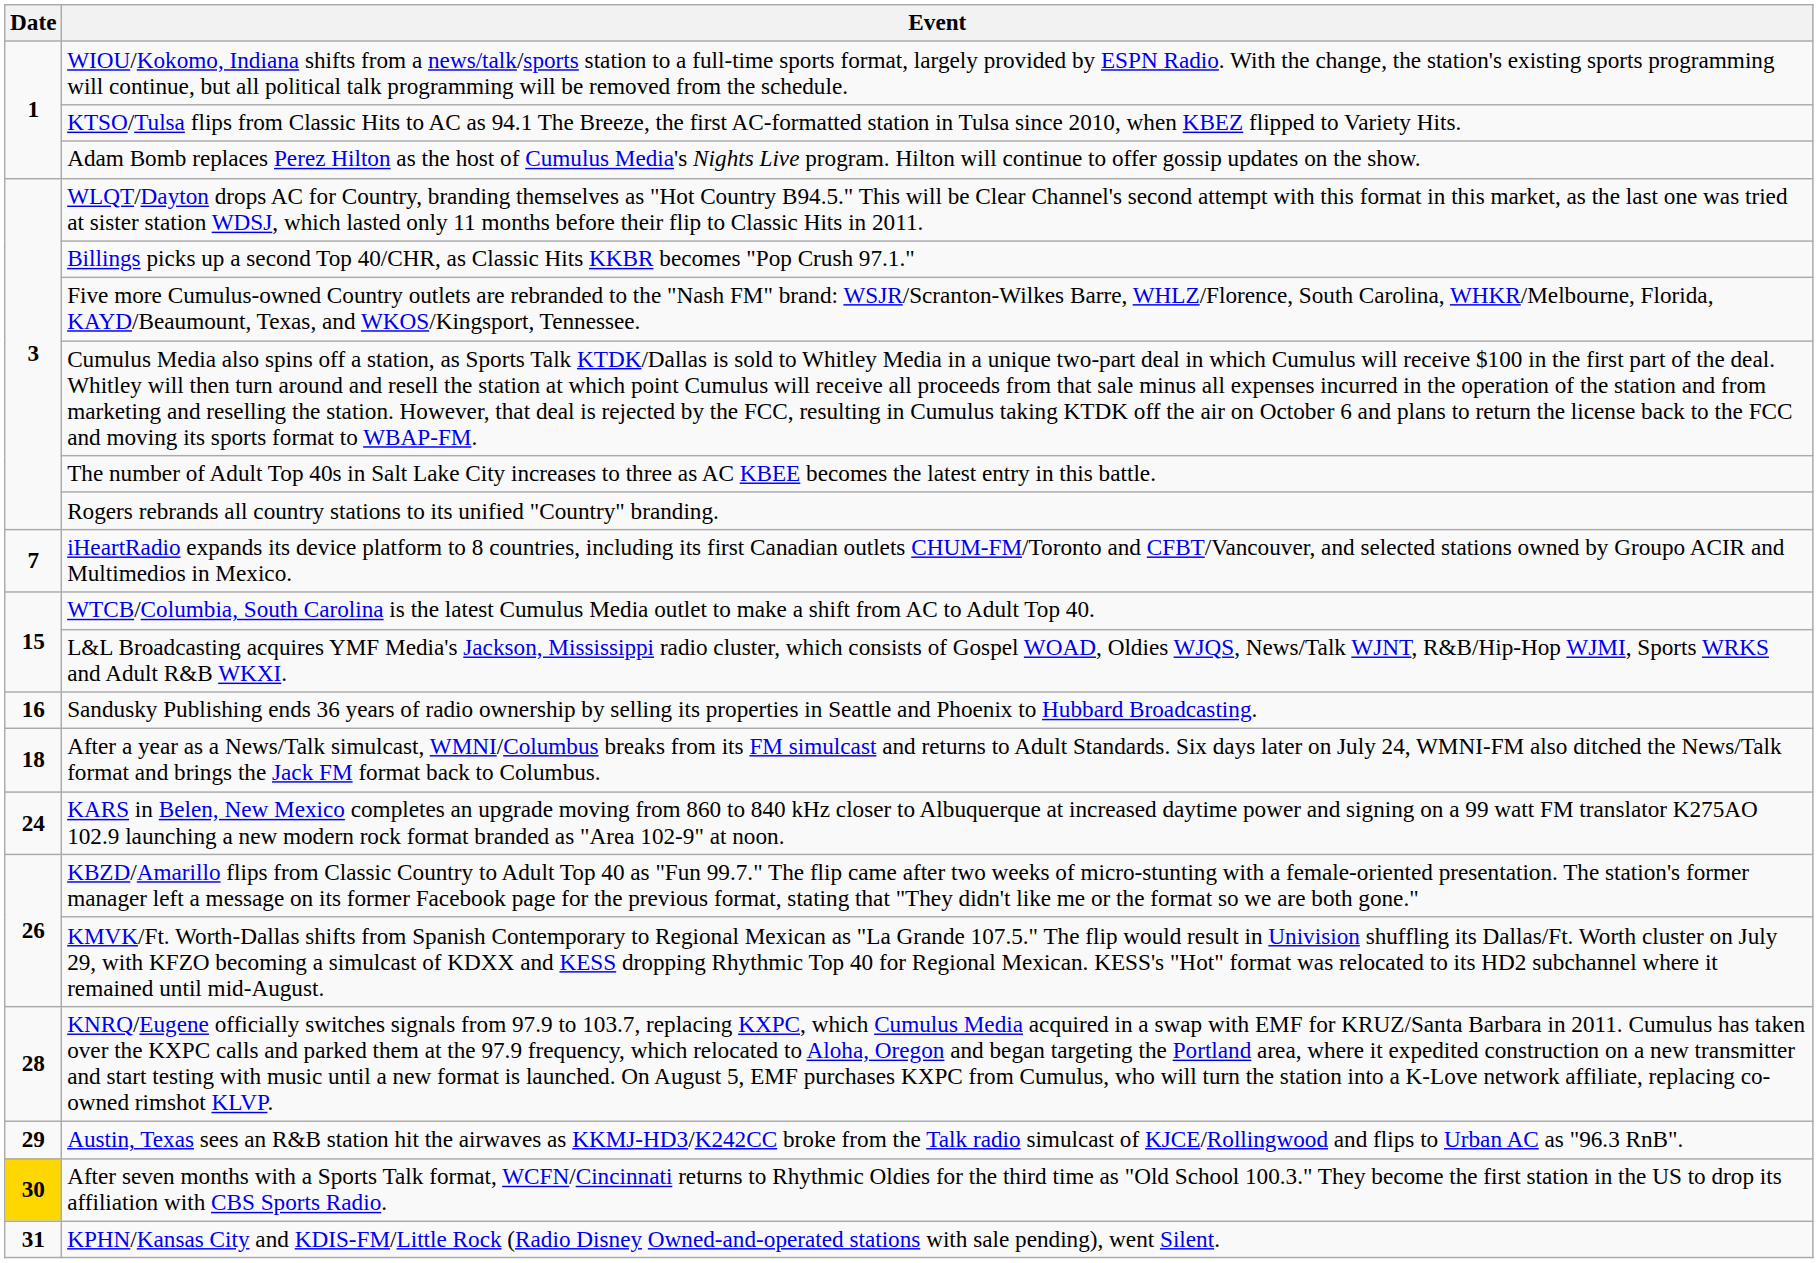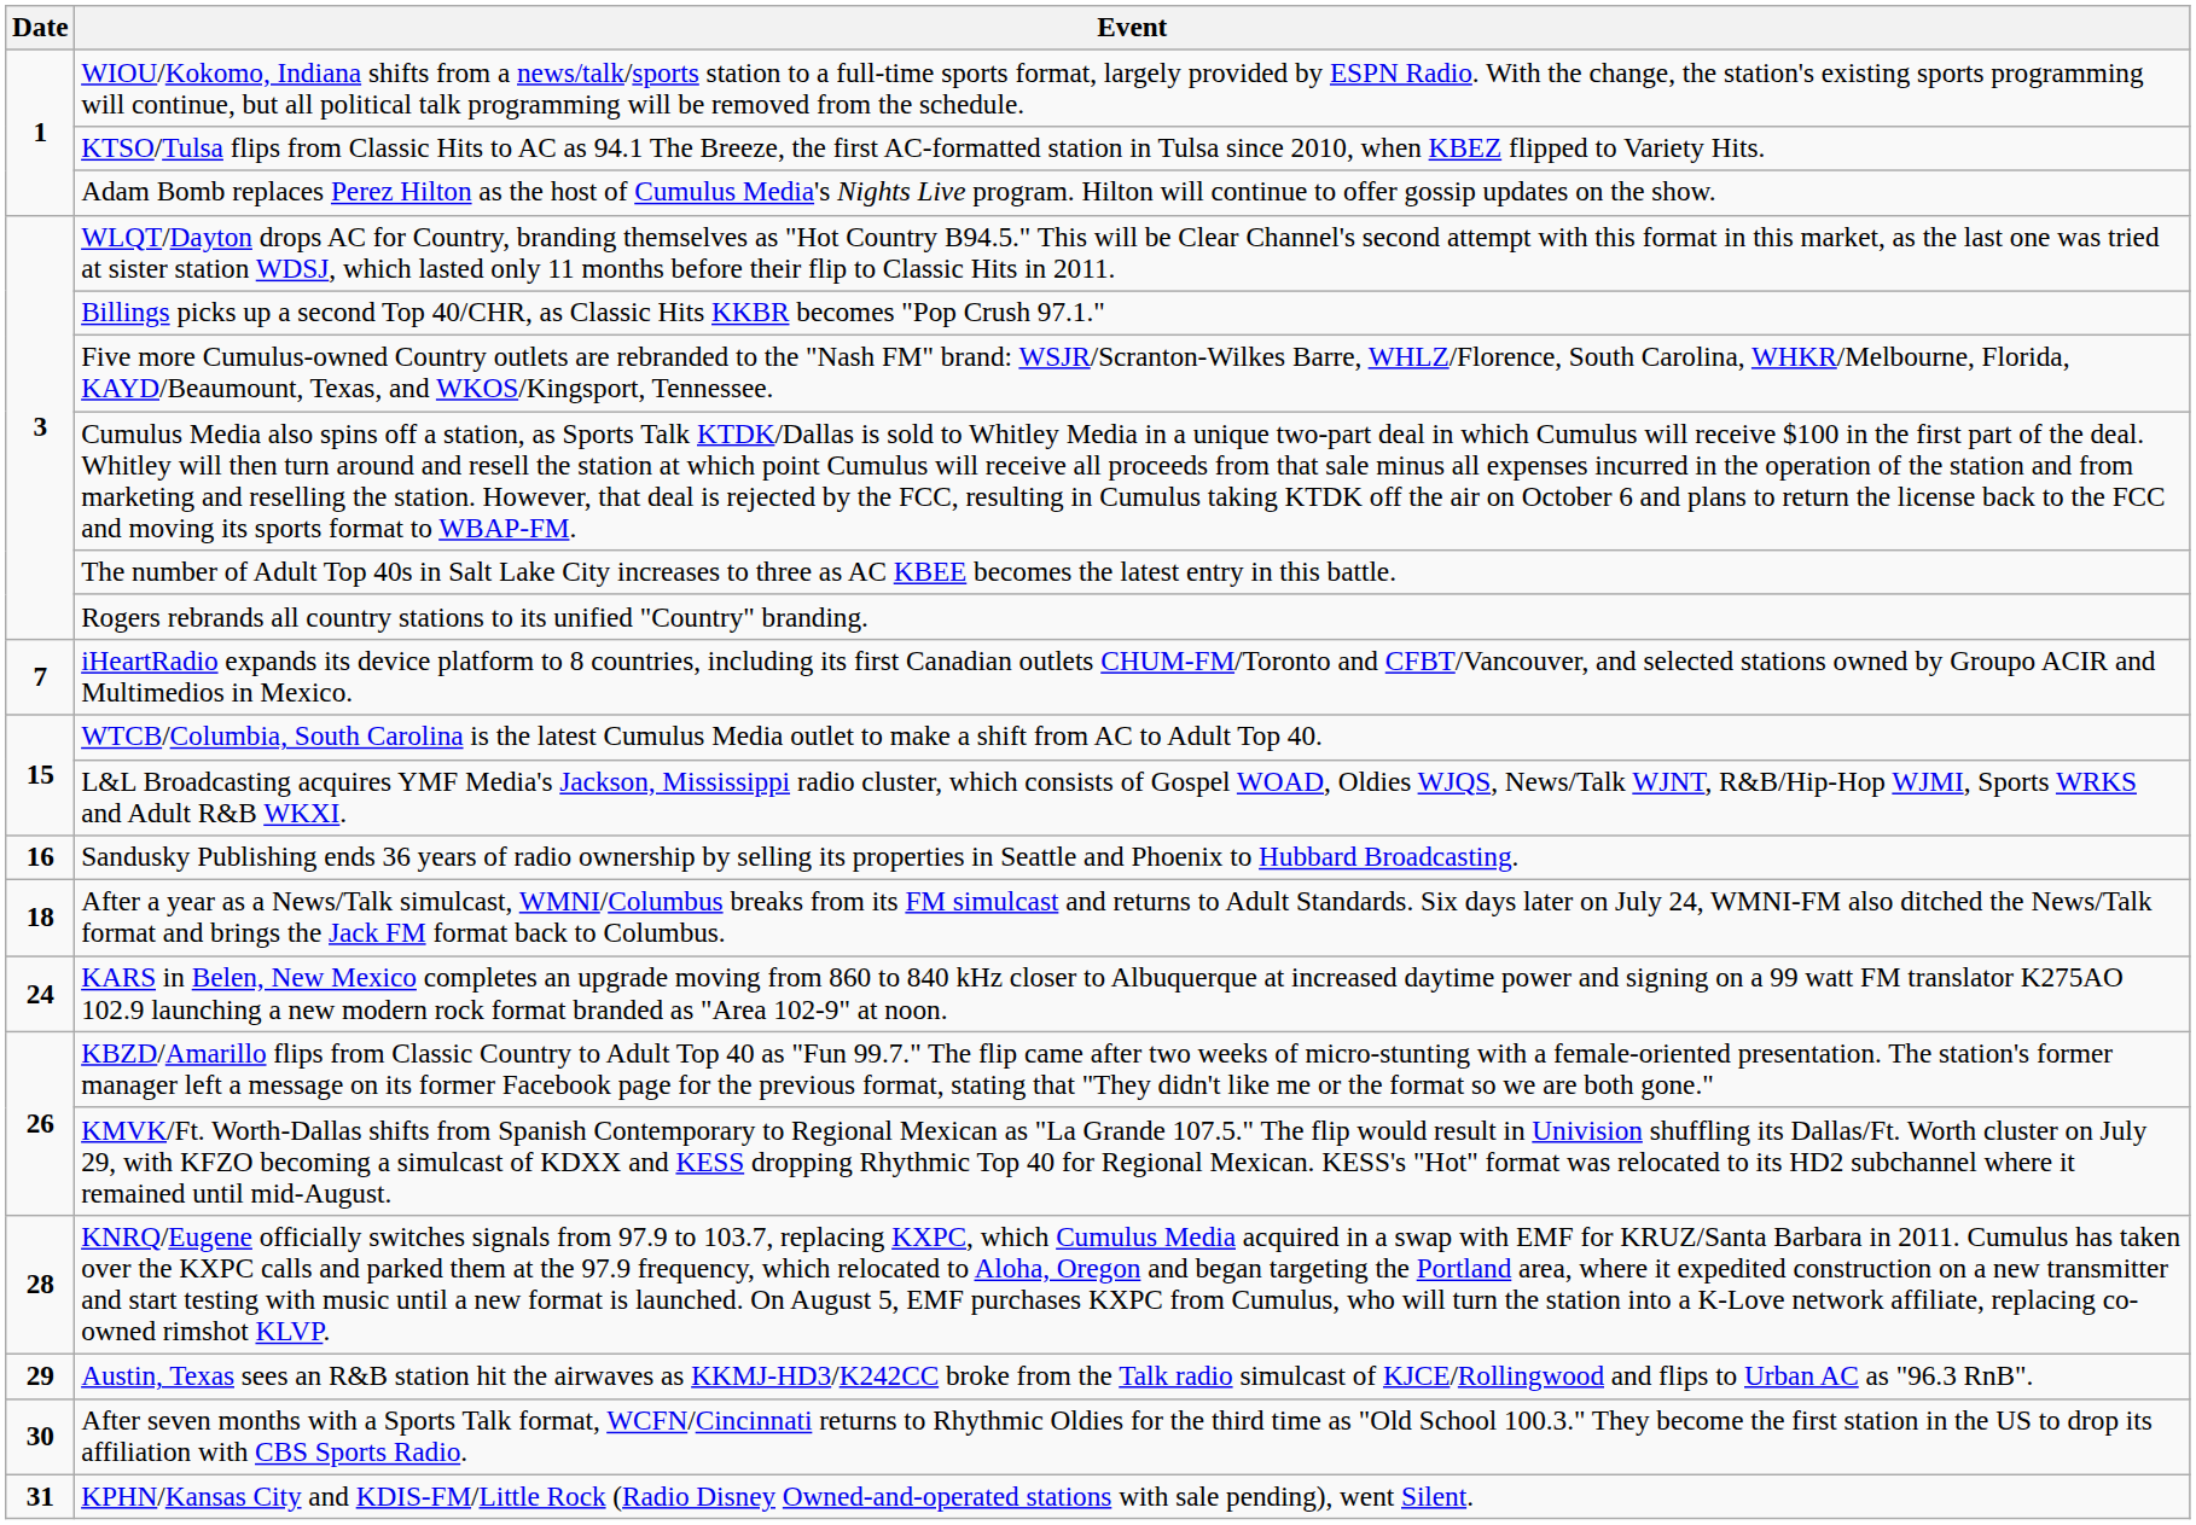 <table class="wikitable">
 <tr>
 <th>Date</th>
 <th>Event</th>
 </tr>
 <tr>
 <td style="text-align:center;" rowspan=3><strong>1</strong></td>
 <td><a href='#'>WIOU</a>/<a href='#'>Kokomo, Indiana</a> shifts from a <a href='#'>news/talk</a>/<a href='#'>sports</a> station to a full-time sports format, largely provided by <a href='#'>ESPN Radio</a>. With the change, the station's existing sports programming will continue, but all political talk programming will be removed from the schedule.</td>
 </tr>
 <tr>
 <td><a href='#'>KTSO</a>/<a href='#'>Tulsa</a> flips from Classic Hits to AC as 94.1 The Breeze, the first AC-formatted station in Tulsa since 2010, when <a href='#'>KBEZ</a> flipped to Variety Hits.</td>
 </tr>
 <tr>
 <td>Adam Bomb replaces <a href='#'>Perez Hilton</a> as the host of <a href='#'>Cumulus Media</a>'s <em>Nights Live</em> program. Hilton will continue to offer gossip updates on the show.</td>
 </tr>
 <tr>
 <td style="text-align:center;" rowspan=6><strong>3</strong></td>
 <td><a href='#'>WLQT</a>/<a href='#'>Dayton</a> drops AC for Country, branding themselves as "Hot Country B94.5." This will be Clear Channel's second attempt with this format in this market, as the last one was tried at sister station <a href='#'>WDSJ</a>, which lasted only 11 months before their flip to Classic Hits in 2011.</td>
 </tr>
 <tr>
 <td><a href='#'>Billings</a> picks up a second Top 40/CHR, as Classic Hits <a href='#'>KKBR</a> becomes "Pop Crush 97.1."</td>
 </tr>
 <tr>
 <td>Five more Cumulus-owned Country outlets are rebranded to the "Nash FM" brand: <a href='#'>WSJR</a>/Scranton-Wilkes Barre, <a href='#'>WHLZ</a>/Florence, South Carolina, <a href='#'>WHKR</a>/Melbourne, Florida, <a href='#'>KAYD</a>/Beaumount, Texas, and <a href='#'>WKOS</a>/Kingsport, Tennessee.</td>
 </tr>
 <tr>
 <td>Cumulus Media also spins off a station, as Sports Talk <a href='#'>KTDK</a>/Dallas is sold to Whitley Media in a unique two-part deal in which Cumulus will receive $100 in the first part of the deal. Whitley will then turn around and resell the station at which point Cumulus will receive all proceeds from that sale minus all expenses incurred in the operation of the station and from marketing and reselling the station. However, that deal is rejected by the FCC, resulting in Cumulus taking KTDK off the air on October 6 and plans to return the license back to the FCC and moving its sports format to <a href='#'>WBAP-FM</a>.</td>
 </tr>
 <tr>
 <td>The number of Adult Top 40s in Salt Lake City increases to three as AC <a href='#'>KBEE</a> becomes the latest entry in this battle.</td>
 </tr>
 <tr>
 <td>Rogers rebrands all country stations to its unified "Country" branding.</td>
 </tr>
 <tr>
 <td style="text-align:center;"><strong>7</strong></td>
 <td><a href='#'>iHeartRadio</a> expands its device platform to 8 countries, including its first Canadian outlets <a href='#'>CHUM-FM</a>/Toronto and <a href='#'>CFBT</a>/Vancouver, and selected stations owned by Groupo ACIR and Multimedios in Mexico.</td>
 </tr>
 <tr>
 <td style="text-align:center;" rowspan=2><strong>15</strong></td>
 <td><a href='#'>WTCB</a>/<a href='#'>Columbia, South Carolina</a> is the latest Cumulus Media outlet to make a shift from AC to Adult Top 40.</td>
 </tr>
 <tr>
 <td>L&L Broadcasting acquires YMF Media's <a href='#'>Jackson, Mississippi</a> radio cluster, which consists of Gospel <a href='#'>WOAD</a>, Oldies <a href='#'>WJQS</a>, News/Talk <a href='#'>WJNT</a>, R&B/Hip-Hop <a href='#'>WJMI</a>, Sports <a href='#'>WRKS</a> and Adult R&B <a href='#'>WKXI</a>.</td>
 </tr>
 <tr>
 <td style="text-align:center;"><strong>16</strong></td>
 <td>Sandusky Publishing ends 36 years of radio ownership by selling its properties in Seattle and Phoenix to <a href='#'>Hubbard Broadcasting</a>.</td>
 </tr>
 <tr>
 <td style="text-align:center;"><strong>18</strong></td>
 <td>After a year as a News/Talk simulcast, <a href='#'>WMNI</a>/<a href='#'>Columbus</a> breaks from its <a href='#'>FM simulcast</a> and returns to Adult Standards. Six days later on July 24, WMNI-FM also ditched the News/Talk format and brings the <a href='#'>Jack FM</a> format back to Columbus.</td>
 </tr>
 <tr>
 <td style="text-align:center;"><strong>24</strong></td>
 <td><a href='#'>KARS</a> in <a href='#'>Belen, New Mexico</a> completes an upgrade moving from 860 to 840 kHz closer to Albuquerque at increased daytime power and signing on a 99 watt FM translator K275AO 102.9 launching a new modern rock format branded as "Area 102-9" at noon.</td>
 </tr>
 <tr>
 <td style="text-align:center;" rowspan=2><strong>26</strong></td>
 <td><a href='#'>KBZD</a>/<a href='#'>Amarillo</a> flips from Classic Country to Adult Top 40 as "Fun 99.7." The flip came after two weeks of micro-stunting with a female-oriented presentation. The station's former manager left a message on its former Facebook page for the previous format, stating that "They didn't like me or the format so we are both gone."</td>
 </tr>
 <tr>
 <td><a href='#'>KMVK</a>/Ft. Worth-Dallas shifts from Spanish Contemporary to Regional Mexican as "La Grande 107.5." The flip would result in <a href='#'>Univision</a> shuffling its Dallas/Ft. Worth cluster on July 29, with KFZO becoming a simulcast of KDXX and <a href='#'>KESS</a> dropping Rhythmic Top 40 for Regional Mexican. KESS's "Hot" format was relocated to its HD2 subchannel where it remained until mid-August.</td>
 </tr>
 <tr>
 <td style="text-align:center;"><strong>28</strong></td>
 <td><a href='#'>KNRQ</a>/<a href='#'>Eugene</a> officially switches signals from 97.9 to 103.7, replacing <a href='#'>KXPC</a>, which <a href='#'>Cumulus Media</a> acquired in a swap with EMF for KRUZ/Santa Barbara in 2011. Cumulus has taken over the KXPC calls and parked them at the 97.9 frequency, which relocated to <a href='#'>Aloha, Oregon</a> and began targeting the <a href='#'>Portland</a> area, where it expedited construction on a new transmitter and start testing with music until a new format is launched. On August 5, EMF purchases KXPC from Cumulus, who will turn the station into a K-Love network affiliate, replacing co-owned rimshot <a href='#'>KLVP</a>.</td>
 </tr>
 <tr>
 <td style="text-align:center;"><strong>29</strong></td>
 <td><a href='#'>Austin, Texas</a> sees an R&B station hit the airwaves as <a href='#'>KKMJ-HD3</a>/<a href='#'>K242CC</a> broke from the <a href='#'>Talk radio</a> simulcast of <a href='#'>KJCE</a>/<a href='#'>Rollingwood</a> and flips to <a href='#'>Urban AC</a> as "96.3 RnB".</td>
 </tr>
 <tr>
-<td style="background: gold; text-align:center;"><strong>30</strong></td>
+<td style="text-align:center;"><strong>30</strong></td>
 <td>After seven months with a Sports Talk format, <a href='#'>WCFN</a>/<a href='#'>Cincinnati</a> returns to Rhythmic Oldies for the third time as "Old School 100.3." They become the first station in the US to drop its affiliation with <a href='#'>CBS Sports Radio</a>.</td>
 </tr>
 <tr>
 <td style="text-align:center;"><strong>31</strong></td>
 <td><a href='#'>KPHN</a>/<a href='#'>Kansas City</a> and <a href='#'>KDIS-FM</a>/<a href='#'>Little Rock</a> (<a href='#'>Radio Disney</a> <a href='#'>Owned-and-operated stations</a> with sale pending), went <a href='#'>Silent</a>.</td>
 </tr>
 </table>
